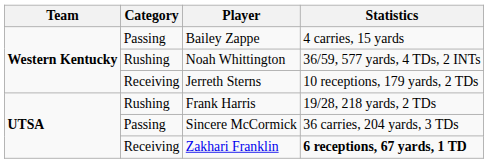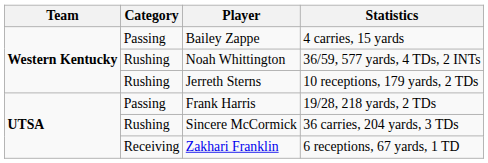 <table class="wikitable" style="float: left;">
 <tr>
 <th>Team</th>
 <th>Category</th>
 <th>Player</th>
 <th>Statistics</th>
 </tr>
 <tr>
 <td rowspan=3><strong>Western Kentucky</strong></td>
 <td>Passing</td>
 <td>Bailey Zappe</td>
 <td>4 carries, 15 yards</td>
 </tr>
 <tr>
 <td>Rushing</td>
 <td>Noah Whittington</td>
 <td>36/59, 577 yards, 4 TDs, 2 INTs</td>
 </tr>
 <tr>
-<td>Receiving</td>
+<td>Rushing</td>
 <td>Jerreth Sterns</td>
 <td>10 receptions, 179 yards, 2 TDs</td>
 </tr>
 <tr>
 <td rowspan=3><strong>UTSA</strong></td>
-<td>Rushing</td>
+<td>Passing</td>
 <td>Frank Harris</td>
 <td>19/28, 218 yards, 2 TDs</td>
 </tr>
 <tr>
-<td>Passing</td>
+<td>Rushing</td>
 <td>Sincere McCormick</td>
 <td>36 carries, 204 yards, 3 TDs</td>
 </tr>
 <tr>
 <td>Receiving</td>
 <td><a href='#'>Zakhari Franklin</a></td>
-<td><strong>6 receptions, 67 yards, 1 TD</strong></td>
+<td>6 receptions, 67 yards, 1 TD</td>
 </tr>
 </table>
